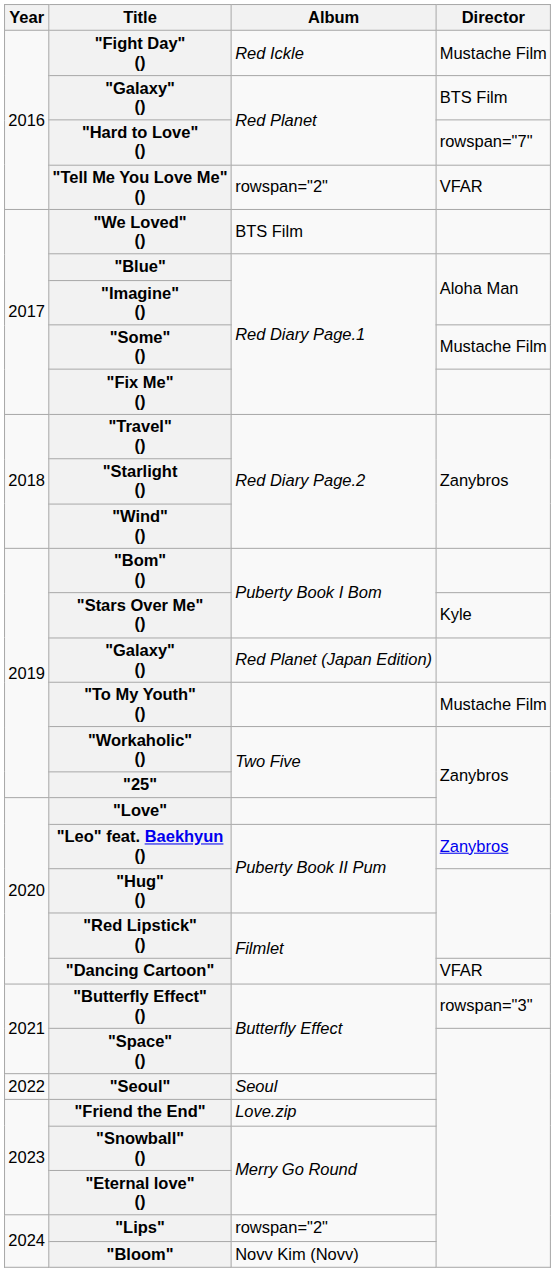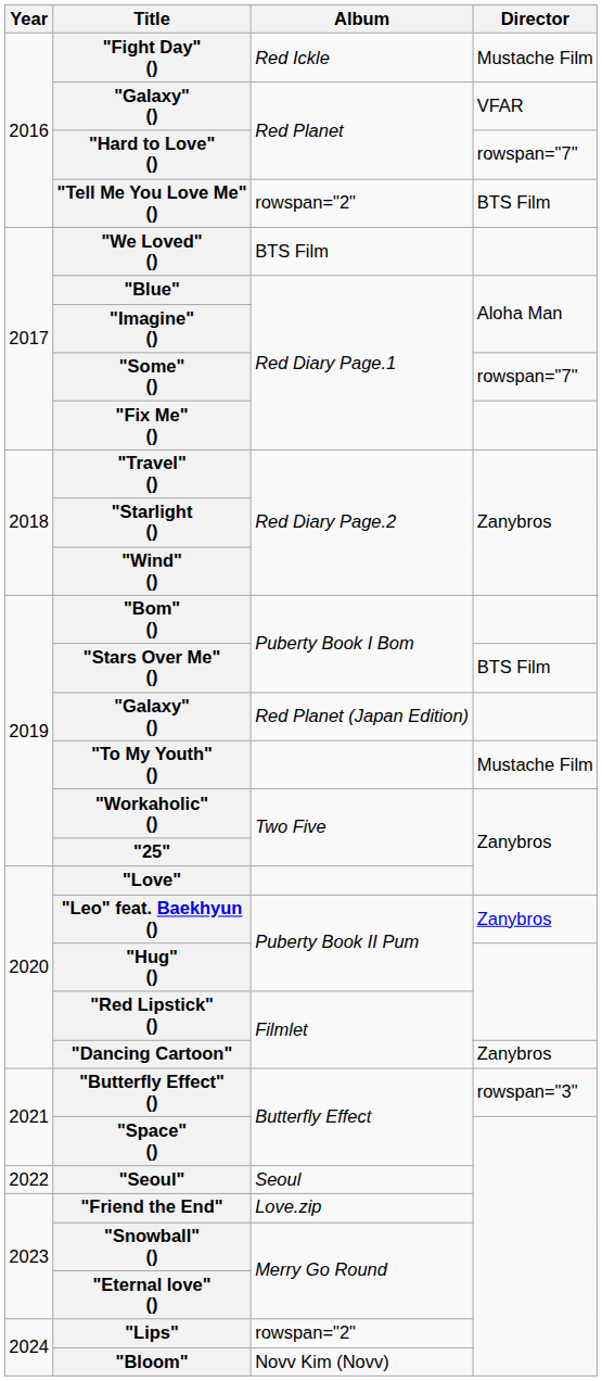 <table class="wikitable plainrowheaders">
 <tr>
 <th>Year</th>
 <th>Title</th>
 <th>Album</th>
 <th>Director</th>
 </tr>
 <tr>
 <td rowspan="4">2016</td>
 <th scope="row">"Fight Day"<br>()</th>
 <td><em>Red Ickle</em></td>
 <td>Mustache Film</td>
 </tr>
 <tr>
 <th scope="row">"Galaxy"<br>()</th>
 <td rowspan="2"><em>Red Planet</em></td>
-<td>BTS Film</td>
+<td>VFAR</td>
 </tr>
 <tr>
 <th scope="row">"Hard to Love"<br>()</th>
 <td>rowspan="7" </td>
 </tr>
 <tr>
 <th scope="row">"Tell Me You Love Me"<br>()</th>
 <td>rowspan="2" </td>
-<td>VFAR</td>
+<td>BTS Film</td>
 </tr>
 <tr>
 <td rowspan="5">2017</td>
 <th scope="row">"We Loved"<br>()<br></th>
 <td>BTS Film</td>
 </tr>
 <tr>
 <th scope="row">"Blue"</th>
 <td rowspan="4"><em>Red Diary Page.1</em></td>
 <td rowspan="2">Aloha Man</td>
 </tr>
 <tr>
 <th scope="row">"Imagine" <br>()</th>
 </tr>
 <tr>
 <th scope="row">"Some"<br>()</th>
-<td>Mustache Film</td>
+<td>rowspan="7" </td>
 </tr>
 <tr>
 <th scope="row">"Fix Me"<br>()</th>
 <td></td>
 </tr>
 <tr>
 <td rowspan="3">2018</td>
 <th scope="row">"Travel"<br>()</th>
 <td rowspan="3"><em>Red Diary Page.2</em></td>
 <td rowspan="3">Zanybros</td>
 </tr>
 <tr>
 <th scope="row">"Starlight<br>()</th>
 </tr>
 <tr>
 <th scope="row">"Wind" <br>()</th>
 </tr>
 <tr>
 <td rowspan="6">2019</td>
 <th scope="row">"Bom"<br>()</th>
 <td rowspan="2"><em>Puberty Book I Bom</em></td>
 <td></td>
 </tr>
 <tr>
 <th scope="row">"Stars Over Me"<br>()</th>
-<td>Kyle</td>
+<td>BTS Film</td>
 </tr>
 <tr>
 <th scope="row">"Galaxy"<br>()</th>
 <td><em>Red Planet (Japan Edition)</em></td>
 <td></td>
 </tr>
 <tr>
 <th scope="row">"To My Youth"<br>()</th>
 <td></td>
 <td>Mustache Film</td>
 </tr>
 <tr>
 <th scope="row">"Workaholic"<br>()</th>
 <td rowspan="2"><em>Two Five</em></td>
 <td rowspan="3">Zanybros</td>
 </tr>
 <tr>
 <th scope="row">"25"</th>
 </tr>
 <tr>
 <td rowspan="5">2020</td>
 <th scope="row">"Love"</th>
 <td></td>
 </tr>
 <tr>
 <th scope="row">"Leo" feat. <a href='#'>Baekhyun</a><br>()</th>
 <td rowspan="2"><em>Puberty Book II Pum</em></td>
 <td><a href='#'>Zanybros</a></td>
 </tr>
 <tr>
 <th scope="row">"Hug"<br>()</th>
 </tr>
 <tr>
 <th scope="row">"Red Lipstick"<br>()</th>
 <td rowspan="2"><em>Filmlet</em></td>
 </tr>
 <tr>
 <th scope="row">"Dancing Cartoon"</th>
-<td>VFAR</td>
+<td>Zanybros</td>
 </tr>
 <tr>
 <td rowspan="2">2021</td>
 <th scope="row">"Butterfly Effect"<br>()</th>
 <td rowspan="2"><em>Butterfly Effect</em></td>
 <td>rowspan="3" </td>
 </tr>
 <tr>
 <th scope="row">"Space"<br>()</th>
 </tr>
 <tr>
 <td>2022</td>
 <th scope="row">"Seoul"</th>
 <td><em>Seoul</em></td>
 </tr>
 <tr>
 <td rowspan="3">2023</td>
 <th scope="row">"Friend the End"</th>
 <td><em>Love.zip</em></td>
 </tr>
 <tr>
 <th scope="row">"Snowball"<br>()</th>
 <td rowspan="2"><em>Merry Go Round</em></td>
 </tr>
 <tr>
 <th scope="row">"Eternal love"<br>()</th>
 </tr>
 <tr>
 <td rowspan="2">2024</td>
 <th scope="row">"Lips"<br></th>
 <td>rowspan="2" </td>
 </tr>
 <tr>
 <th scope="row">"Bloom"</th>
 <td>Novv Kim (Novv)</td>
 </tr>
 </table>
